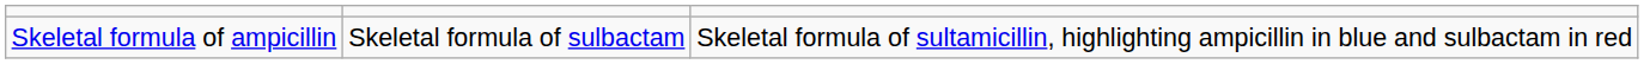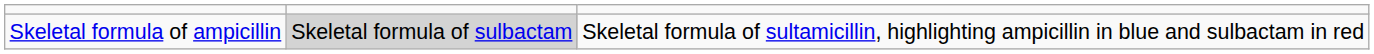 <table class="wikitable" style="text-align:center">
 <tr>
 <td></td>
 <td></td>
 <td></td>
 </tr>
 <tr>
 <td><a href='#'>Skeletal formula</a> of <a href='#'>ampicillin</a></td>
-<td>Skeletal formula of <a href='#'>sulbactam</a></td>
+<td style="background: lightgrey;">Skeletal formula of <a href='#'>sulbactam</a></td>
 <td>Skeletal formula of <a href='#'>sultamicillin</a>, highlighting ampicillin in blue and sulbactam in red</td>
 </tr>
 </table>
